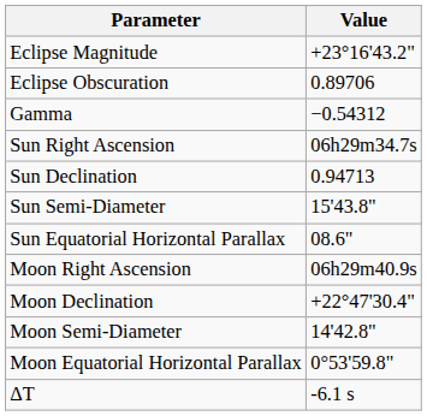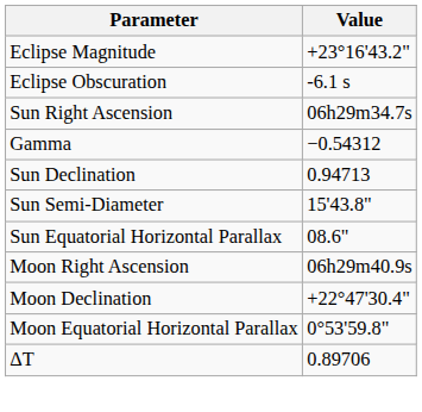 <table class="wikitable">
 <tr>
 <th>Parameter</th>
 <th>Value</th>
 </tr>
 <tr>
 <td>Eclipse Magnitude</td>
 <td>+23°16'43.2"</td>
 </tr>
 <tr>
 <td>Eclipse Obscuration</td>
-<td>0.89706</td>
+<td>-6.1 s</td>
+</tr>
+<tr>
+<td>Sun Right Ascension</td>
+<td>06h29m34.7s</td>
 </tr>
 <tr>
 <td>Gamma</td>
 <td>−0.54312</td>
-</tr>
-<tr>
-<td>Sun Right Ascension</td>
-<td>06h29m34.7s</td>
 </tr>
 <tr>
 <td>Sun Declination</td>
 <td>0.94713</td>
 </tr>
 <tr>
 <td>Sun Semi-Diameter</td>
 <td>15'43.8"</td>
 </tr>
 <tr>
 <td>Sun Equatorial Horizontal Parallax</td>
 <td>08.6"</td>
 </tr>
 <tr>
 <td>Moon Right Ascension</td>
 <td>06h29m40.9s</td>
 </tr>
 <tr>
 <td>Moon Declination</td>
 <td>+22°47'30.4"</td>
 </tr>
 <tr>
-<td>Moon Semi-Diameter</td>
-<td>14'42.8"</td>
-</tr>
-<tr>
 <td>Moon Equatorial Horizontal Parallax</td>
 <td>0°53'59.8"</td>
 </tr>
 <tr>
 <td>ΔT</td>
-<td>-6.1 s</td>
+<td>0.89706</td>
 </tr>
 </table>
